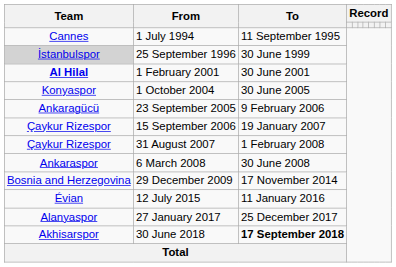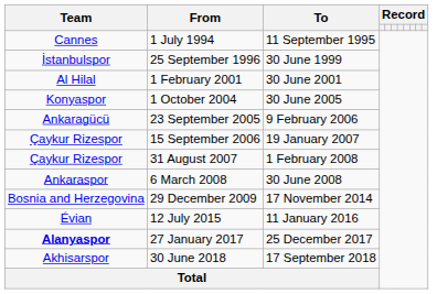 <table class="wikitable" tyle="text-align: center">
 <tr>
 <th rowspan="2">Team</th>
 <th rowspan="2">From</th>
 <th rowspan="2">To</th>
 <th colspan="8">Record</th>
 </tr>
 <tr>
 <th></th>
 <th></th>
 <th></th>
 <th></th>
 <th></th>
 <th></th>
 <th></th>
 <th></th>
 </tr>
 <tr>
 <td align="center"><a href='#'>Cannes</a></td>
 <td align="left">1 July 1994</td>
 <td align="left">11 September 1995<br></td>
 </tr>
 <tr>
-<td align="center" style="background: lightgrey;"><a href='#'>İstanbulspor</a></td>
+<td align="center"><a href='#'>İstanbulspor</a></td>
 <td align="left">25 September 1996</td>
 <td align="left">30 June 1999<br></td>
 </tr>
 <tr>
-<td align="center"><strong><a href='#'>Al Hilal</a></strong></td>
+<td align="center"><a href='#'>Al Hilal</a></td>
 <td align="left">1 February 2001</td>
 <td align="left">30 June 2001<br></td>
 </tr>
 <tr>
 <td align="center"><a href='#'>Konyaspor</a></td>
 <td align="left">1 October 2004</td>
 <td align="left">30 June 2005<br></td>
 </tr>
 <tr>
 <td align="center"><a href='#'>Ankaragücü</a></td>
 <td align="left">23 September 2005</td>
 <td align="left">9 February 2006<br></td>
 </tr>
 <tr>
 <td align="center"><a href='#'>Çaykur Rizespor</a></td>
 <td align="left">15 September 2006</td>
 <td align="left">19 January 2007<br></td>
 </tr>
 <tr>
 <td align="center"><a href='#'>Çaykur Rizespor</a></td>
 <td align="left">31 August 2007</td>
 <td align="left">1 February 2008<br></td>
 </tr>
 <tr>
 <td align="center"><a href='#'>Ankaraspor</a></td>
 <td align="left">6 March 2008</td>
 <td align="left">30 June 2008<br></td>
 </tr>
 <tr>
 <td align="center"><a href='#'>Bosnia and Herzegovina</a></td>
 <td align="left">29 December 2009</td>
 <td align="left">17 November 2014<br></td>
 </tr>
 <tr>
 <td align="center"><a href='#'>Évian</a></td>
 <td align="left">12 July 2015</td>
 <td align="left">11 January 2016<br></td>
 </tr>
 <tr>
-<td align="center"><a href='#'>Alanyaspor</a></td>
+<td align="center"><strong><a href='#'>Alanyaspor</a></strong></td>
 <td align="left">27 January 2017</td>
 <td align="left">25 December 2017<br></td>
 </tr>
 <tr>
 <td align="center"><a href='#'>Akhisarspor</a></td>
 <td align="left">30 June 2018</td>
-<td align="left"><strong>17 September 2018<br></strong></td>
+<td align="left">17 September 2018<br></td>
 </tr>
 <tr>
 <th colspan="3">Total<br></th>
 </tr>
 </table>
